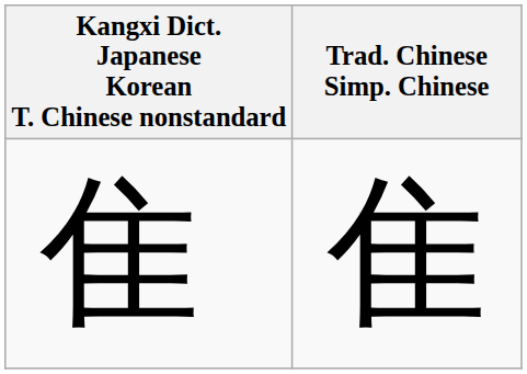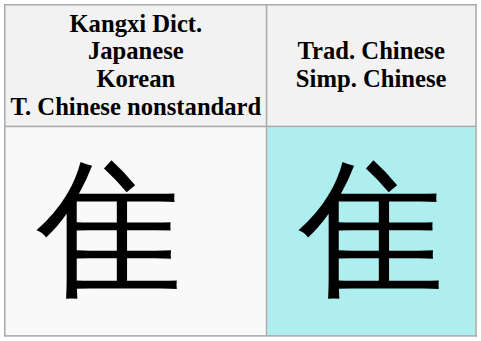 <table class="wikitable">
 <tr>
 <th>Kangxi Dict.<br>Japanese<br>Korean<br>T. Chinese nonstandard</th>
 <th>Trad. Chinese<br>Simp. Chinese</th>
 </tr>
 <tr style="font-size:6em;font-family:serif;line-height:100%;">
 <td lang= "ja">隹</td>
-<td lang= "zh">隹</td>
+<td lang= "zh" style="background: paleturquoise;">隹</td>
 </tr>
 </table>
